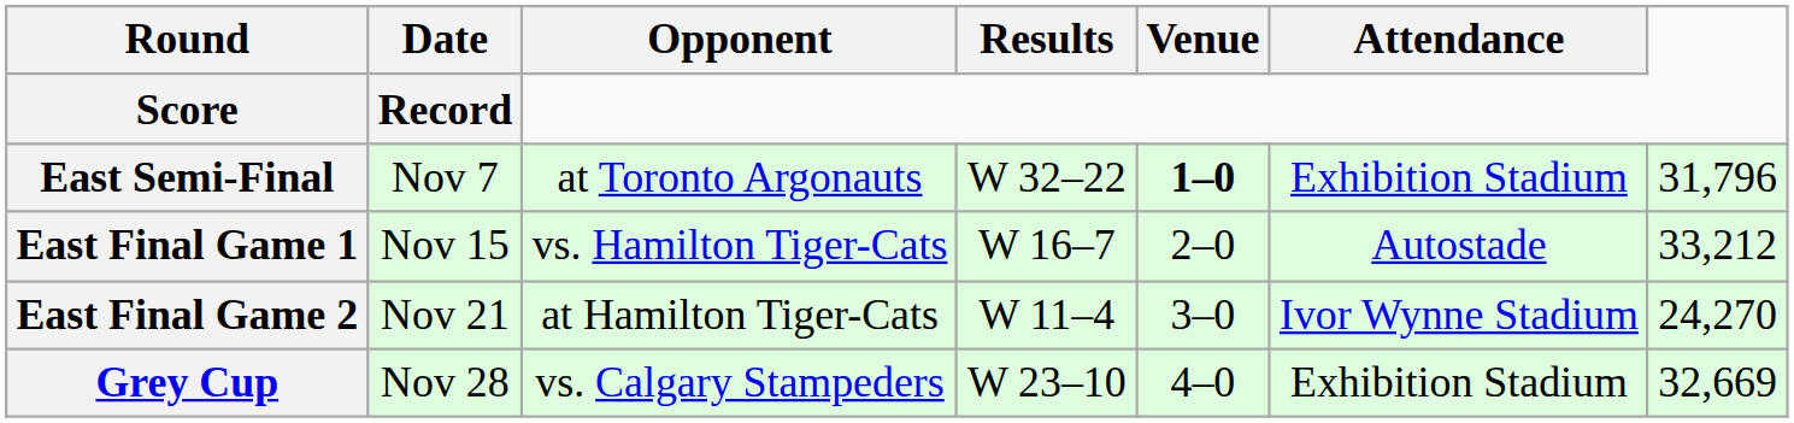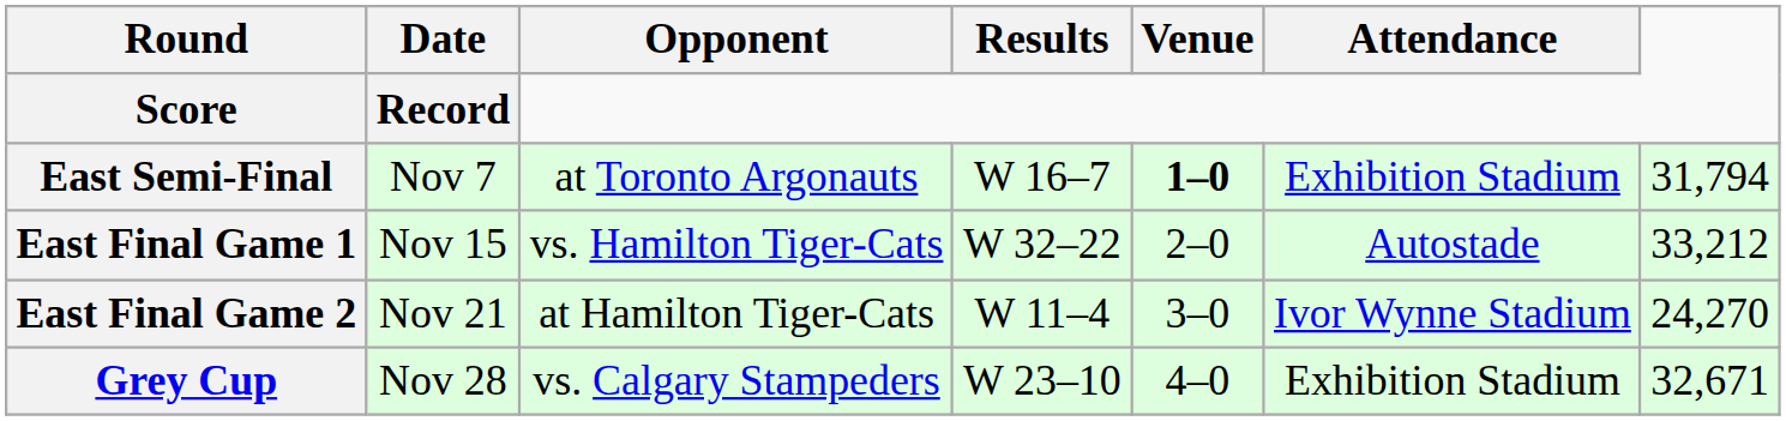 <table class="wikitable" style="text-align:center">
 <tr>
 <th>Round</th>
 <th>Date</th>
 <th>Opponent</th>
 <th>Results</th>
 <th>Venue</th>
 <th>Attendance</th>
 </tr>
 <tr>
 <th>Score</th>
 <th>Record</th>
 </tr>
 <tr style="background:#ddffdd">
 <th>East Semi-Final</th>
 <td>Nov 7</td>
 <td>at <a href='#'>Toronto Argonauts</a></td>
-<td>W 32–22</td>
+<td>W 16–7</td>
 <td><strong>1–0</strong></td>
 <td><a href='#'>Exhibition Stadium</a></td>
-<td>31,796</td>
+<td>31,794</td>
 </tr>
 <tr style="background:#ddffdd">
 <th>East Final Game 1</th>
 <td>Nov 15</td>
 <td>vs. <a href='#'>Hamilton Tiger-Cats</a></td>
-<td>W 16–7</td>
+<td>W 32–22</td>
 <td>2–0</td>
 <td><a href='#'>Autostade</a></td>
 <td>33,212</td>
 </tr>
 <tr style="background:#ddffdd">
 <th>East Final Game 2</th>
 <td>Nov 21</td>
 <td>at Hamilton Tiger-Cats</td>
 <td>W 11–4</td>
 <td>3–0</td>
 <td><a href='#'>Ivor Wynne Stadium</a></td>
 <td>24,270</td>
 </tr>
 <tr style="background:#ddffdd">
 <th><a href='#'>Grey Cup</a></th>
 <td>Nov 28</td>
 <td>vs. <a href='#'>Calgary Stampeders</a></td>
 <td>W 23–10</td>
 <td>4–0</td>
 <td>Exhibition Stadium</td>
-<td>32,669</td>
+<td>32,671</td>
 </tr>
 </table>
